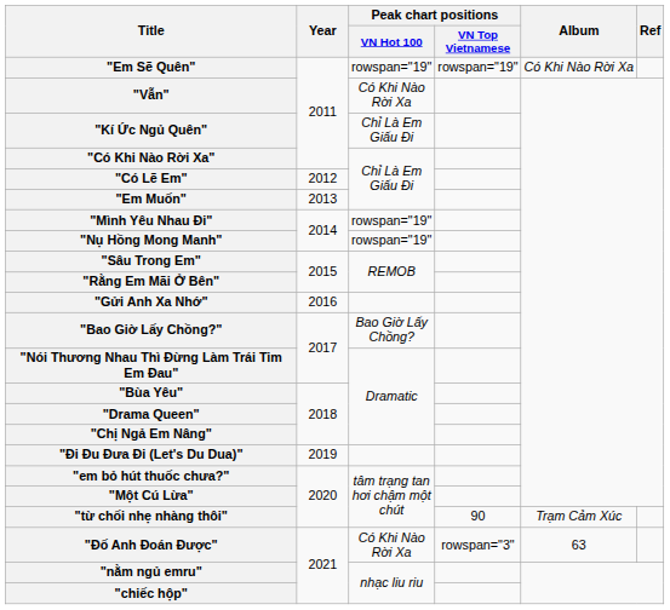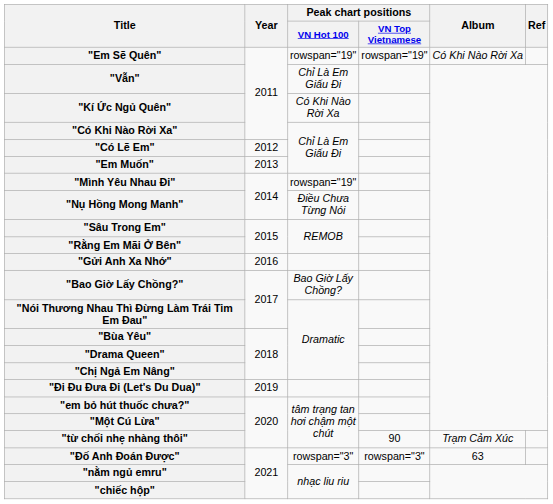 <table class="wikitable plainrowheaders" border="1" style="text-align:center;">
 <tr>
 <th scope="col" style="width:22em;" rowspan="2">Title</th>
 <th scope="col" style="width:3.5em;" rowspan="2">Year</th>
 <th colspan="2">Peak chart positions</th>
 <th rowspan="2">Album</th>
 <th scope="col" class="unsortable" rowspan="2">Ref</th>
 </tr>
 <tr>
 <th style="width:4em;font-size:90%;"><a href='#'>VN Hot 100</a><br></th>
 <th style="width:4em;font-size:90%;"><a href='#'>VN Top Vietnamese</a><br></th>
 </tr>
 <tr>
 <th scope="row">"Em Sẽ Quên"</th>
 <td rowspan="4">2011</td>
 <td>rowspan="19" </td>
 <td>rowspan="19" </td>
 <td><em>Có Khi Nào Rời Xa</em></td>
 <td><br></td>
 </tr>
 <tr>
 <th scope="row">"Vẫn"</th>
-<td><em>Có Khi Nào Rời Xa</em></td>
+<td><em>Chỉ Là Em Giấu Đi</em></td>
 <td></td>
 </tr>
 <tr>
 <th scope="row">"Kí Ức Ngủ Quên"</th>
-<td><em>Chỉ Là Em Giấu Đi</em></td>
+<td><em>Có Khi Nào Rời Xa</em></td>
 <td><br></td>
 </tr>
 <tr>
 <th scope="row">"Có Khi Nào Rời Xa"</th>
 <td rowspan="3"><em>Chỉ Là Em Giấu Đi</em></td>
 <td></td>
 </tr>
 <tr>
 <th scope="row">"Có Lẽ Em"</th>
 <td>2012</td>
 <td></td>
 </tr>
 <tr>
 <th scope="row">"Em Muốn"</th>
 <td>2013</td>
 <td></td>
 </tr>
 <tr>
 <th scope="row">"Mình Yêu Nhau Đi"</th>
 <td rowspan="2">2014</td>
 <td>rowspan="19" </td>
 <td><br></td>
 </tr>
 <tr>
 <th scope="row">"Nụ Hồng Mong Manh"</th>
-<td>rowspan="19" </td>
+<td><em>Điều Chưa Từng Nói</em></td>
 <td></td>
 </tr>
 <tr>
 <th scope="row">"Sâu Trong Em"</th>
 <td rowspan="2">2015</td>
 <td rowspan="2"><em>REMOB</em></td>
 <td></td>
 </tr>
 <tr>
 <th scope="row">"Rằng Em Mãi Ở Bên"</th>
 <td></td>
 </tr>
 <tr>
 <th scope="row">"Gửi Anh Xa Nhớ"</th>
 <td>2016</td>
 <td></td>
 <td></td>
 </tr>
 <tr>
 <th scope="row">"Bao Giờ Lấy Chồng?"</th>
 <td rowspan="2">2017</td>
 <td><em>Bao Giờ Lấy Chồng?</em></td>
 <td></td>
 </tr>
 <tr>
 <th scope="row">"Nói Thương Nhau Thì Đừng Làm Trái Tim Em Đau"</th>
 <td rowspan="4"><em>Dramatic</em></td>
 <td></td>
 </tr>
 <tr>
 <th scope="row">"Bùa Yêu"</th>
 <td rowspan="3">2018</td>
 <td></td>
 </tr>
 <tr>
 <th scope="row">"Drama Queen"</th>
 <td></td>
 </tr>
 <tr>
 <th scope="row">"Chị Ngả Em Nâng"</th>
 <td></td>
 </tr>
 <tr>
 <th scope="row">"Đi Đu Đưa Đi (Let's Du Dua)"</th>
 <td>2019</td>
 <td></td>
 <td></td>
 </tr>
 <tr>
 <th scope="row">"em bỏ hút thuốc chưa?" </th>
 <td rowspan="3">2020</td>
 <td rowspan="3"><em>tâm trạng tan hơi chậm một chút</em></td>
 <td></td>
 </tr>
 <tr>
 <th scope="row">"Một Cú Lừa"</th>
 <td></td>
 </tr>
 <tr>
 <th scope="row">"từ chối nhẹ nhàng thôi" </th>
 <td>90</td>
 <td><em>Trạm Cảm Xúc</em></td>
 <td></td>
 </tr>
 <tr>
 <th scope="row">"Đố Anh Đoán Được"</th>
 <td rowspan="3">2021</td>
-<td><em>Có Khi Nào Rời Xa</em></td>
+<td>rowspan="3" </td>
 <td>rowspan="3" </td>
 <td>63</td>
 <td></td>
 </tr>
 <tr>
 <th scope="row">"nằm ngủ emru"</th>
 <td rowspan="2"><em>nhạc liu riu</em></td>
 <td></td>
 </tr>
 <tr>
 <th scope="row">"chiếc hộp"</th>
 <td></td>
 </tr>
 </table>
